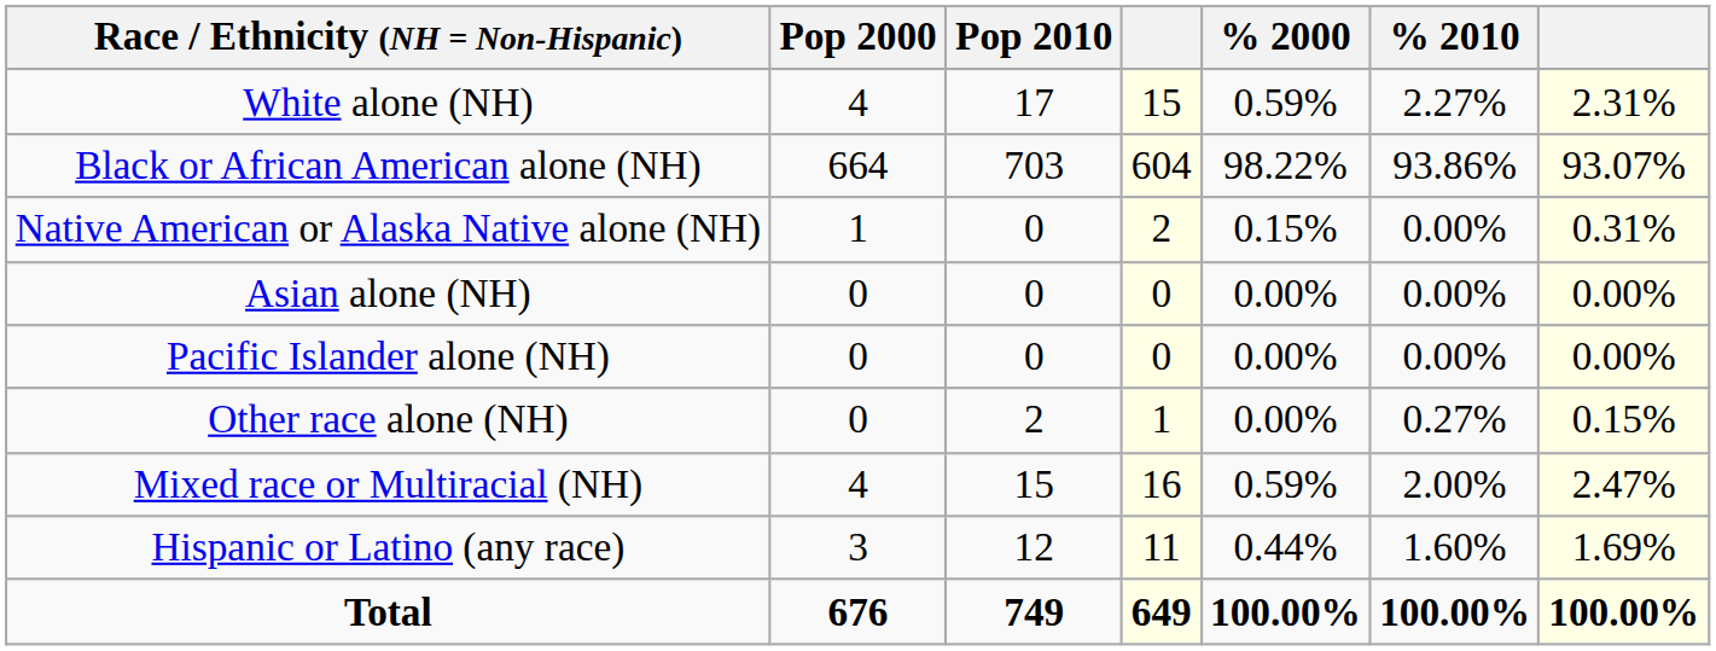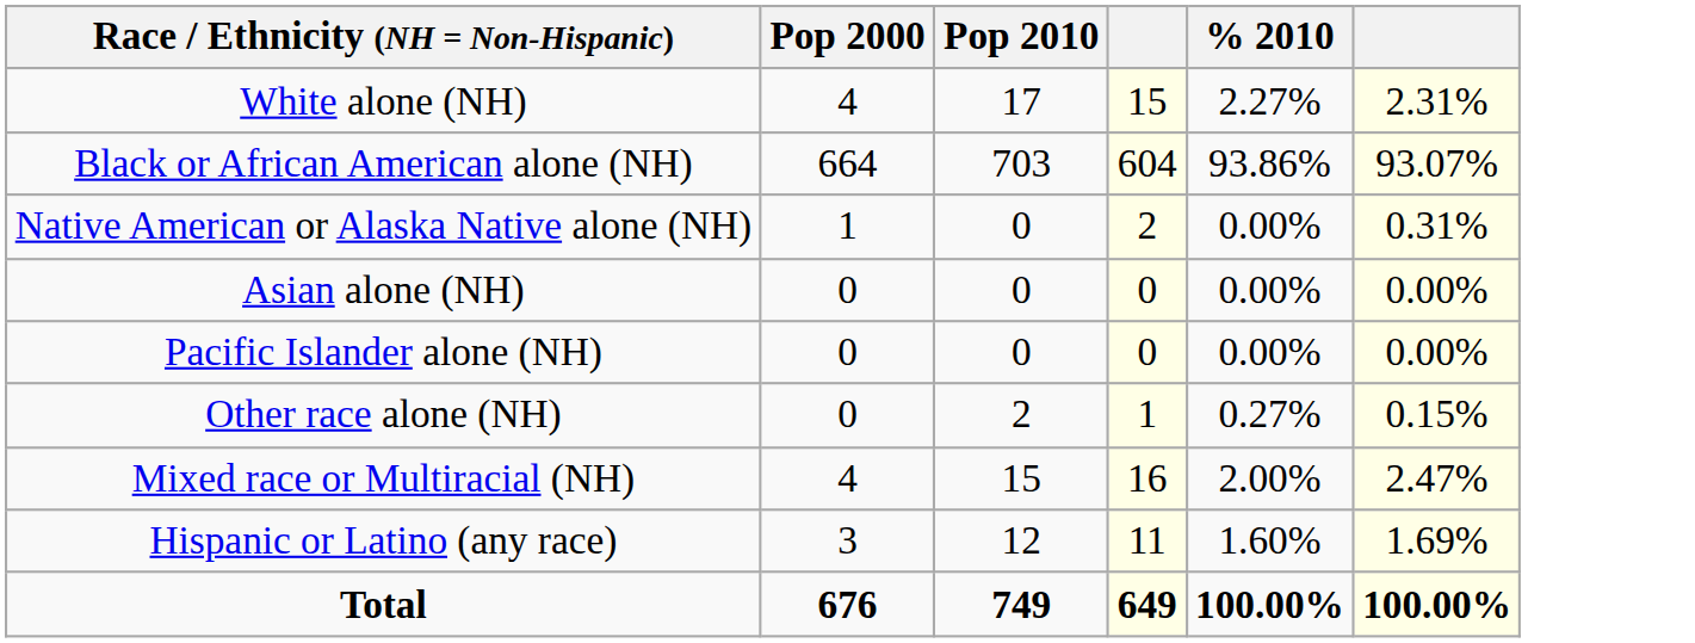 <table class="wikitable" style="text-align:center;">
 <tr>
 <th>Race / Ethnicity <small>(<em>NH = Non-Hispanic</em>)</small></th>
 <th>Pop 2000</th>
 <th>Pop 2010</th>
 <th></th>
-<th>% 2000</th>
 <th>% 2010</th>
 <th></th>
 </tr>
 <tr>
 <td><a href='#'>White</a> alone (NH)</td>
 <td>4</td>
 <td>17</td>
 <td style='background: #ffffe6;'>15</td>
-<td>0.59%</td>
 <td>2.27%</td>
 <td style='background: #ffffe6;'>2.31%</td>
 </tr>
 <tr>
 <td><a href='#'>Black or African American</a> alone (NH)</td>
 <td>664</td>
 <td>703</td>
 <td style='background: #ffffe6;'>604</td>
-<td>98.22%</td>
 <td>93.86%</td>
 <td style='background: #ffffe6;'>93.07%</td>
 </tr>
 <tr>
 <td><a href='#'>Native American</a> or <a href='#'>Alaska Native</a> alone (NH)</td>
 <td>1</td>
 <td>0</td>
 <td style='background: #ffffe6;'>2</td>
-<td>0.15%</td>
 <td>0.00%</td>
 <td style='background: #ffffe6;'>0.31%</td>
 </tr>
 <tr>
 <td><a href='#'>Asian</a> alone (NH)</td>
 <td>0</td>
 <td>0</td>
 <td style='background: #ffffe6;'>0</td>
 <td>0.00%</td>
-<td>0.00%</td>
 <td style='background: #ffffe6;'>0.00%</td>
 </tr>
 <tr>
 <td><a href='#'>Pacific Islander</a> alone (NH)</td>
 <td>0</td>
 <td>0</td>
 <td style='background: #ffffe6;'>0</td>
 <td>0.00%</td>
-<td>0.00%</td>
 <td style='background: #ffffe6;'>0.00%</td>
 </tr>
 <tr>
 <td><a href='#'>Other race</a> alone (NH)</td>
 <td>0</td>
 <td>2</td>
 <td style='background: #ffffe6;'>1</td>
-<td>0.00%</td>
 <td>0.27%</td>
 <td style='background: #ffffe6;'>0.15%</td>
 </tr>
 <tr>
 <td><a href='#'>Mixed race or Multiracial</a> (NH)</td>
 <td>4</td>
 <td>15</td>
 <td style='background: #ffffe6;'>16</td>
-<td>0.59%</td>
 <td>2.00%</td>
 <td style='background: #ffffe6;'>2.47%</td>
 </tr>
 <tr>
 <td><a href='#'>Hispanic or Latino</a> (any race)</td>
 <td>3</td>
 <td>12</td>
 <td style='background: #ffffe6;'>11</td>
-<td>0.44%</td>
 <td>1.60%</td>
 <td style='background: #ffffe6;'>1.69%</td>
 </tr>
 <tr>
 <td><strong>Total</strong></td>
 <td><strong>676</strong></td>
 <td><strong>749</strong></td>
 <td style='background: #ffffe6;'><strong>649</strong></td>
 <td><strong>100.00%</strong></td>
-<td><strong>100.00%</strong></td>
 <td style='background: #ffffe6;'><strong>100.00%</strong></td>
 </tr>
 </table>
